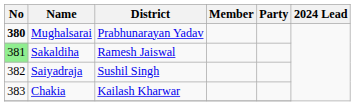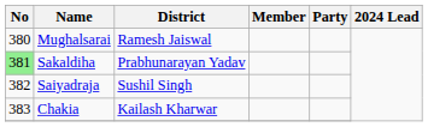 <table class="wikitable sortable">
 <tr>
 <th>No</th>
 <th>Name</th>
 <th>District</th>
 <th>Member</th>
 <th colspan="2">Party</th>
 <th colspan="2">2024 Lead</th>
 </tr>
 <tr>
-<td><strong>380</strong></td>
+<td>380</td>
 <td><a href='#'>Mughalsarai</a></td>
-<td><a href='#'>Prabhunarayan Yadav</a></td>
+<td><a href='#'>Ramesh Jaiswal</a></td>
 <td></td>
 <td></td>
 </tr>
 <tr>
 <td style="background: lightgreen;">381</td>
 <td><a href='#'>Sakaldiha</a></td>
-<td><a href='#'>Ramesh Jaiswal</a></td>
+<td><a href='#'>Prabhunarayan Yadav</a></td>
 <td></td>
 <td></td>
 </tr>
 <tr>
 <td>382</td>
 <td><a href='#'>Saiyadraja</a></td>
 <td><a href='#'>Sushil Singh</a></td>
 <td></td>
 <td></td>
 </tr>
 <tr>
 <td>383</td>
 <td><a href='#'>Chakia</a></td>
 <td><a href='#'>Kailash Kharwar</a></td>
 <td></td>
 <td></td>
 </tr>
 <tr>
 </tr>
 </table>
